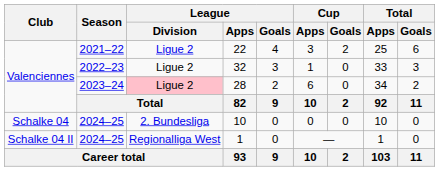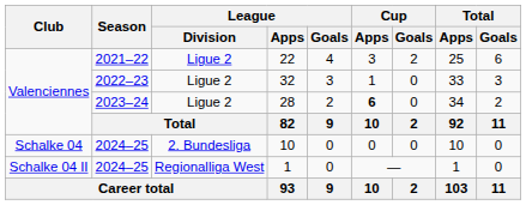 <table class="wikitable nowrap" style="text-align:center">
 <tr>
 <th rowspan="2">Club</th>
 <th rowspan="2">Season</th>
 <th colspan="3">League</th>
 <th colspan="2">Cup</th>
 <th colspan="2">Total</th>
 </tr>
 <tr>
 <th>Division</th>
 <th>Apps</th>
 <th>Goals</th>
 <th>Apps</th>
 <th>Goals</th>
 <th>Apps</th>
 <th>Goals</th>
 </tr>
 <tr>
 <td rowspan=4><a href='#'>Valenciennes</a></td>
 <td><a href='#'>2021–22</a></td>
 <td><a href='#'>Ligue 2</a></td>
 <td>22</td>
 <td>4</td>
 <td>3</td>
 <td>2</td>
 <td>25</td>
 <td>6</td>
 </tr>
 <tr>
 <td><a href='#'>2022–23</a></td>
 <td>Ligue 2</td>
 <td>32</td>
 <td>3</td>
 <td>1</td>
 <td>0</td>
 <td>33</td>
 <td>3</td>
 </tr>
 <tr>
 <td><a href='#'>2023–24</a></td>
-<td style="background: pink;">Ligue 2</td>
+<td>Ligue 2</td>
 <td>28</td>
 <td>2</td>
-<td>6</td>
+<td><strong>6</strong></td>
 <td>0</td>
 <td>34</td>
 <td>2</td>
 </tr>
 <tr>
 <th colspan="2">Total</th>
 <th>82</th>
 <th>9</th>
 <th>10</th>
 <th>2</th>
 <th>92</th>
 <th>11</th>
 </tr>
 <tr>
 <td><a href='#'>Schalke 04</a></td>
 <td><a href='#'>2024–25</a></td>
 <td><a href='#'>2. Bundesliga</a></td>
 <td>10</td>
 <td>0</td>
 <td>0</td>
 <td>0</td>
 <td>10</td>
 <td>0</td>
 </tr>
 <tr>
 <td><a href='#'>Schalke 04 II</a></td>
 <td><a href='#'>2024–25</a></td>
 <td><a href='#'>Regionalliga West</a></td>
 <td>1</td>
 <td>0</td>
 <td colspan="2">—</td>
 <td>1</td>
 <td>0</td>
 </tr>
 <tr>
 <th colspan="3">Career total</th>
 <th>93</th>
 <th>9</th>
 <th>10</th>
 <th>2</th>
 <th>103</th>
 <th>11</th>
 </tr>
 </table>
